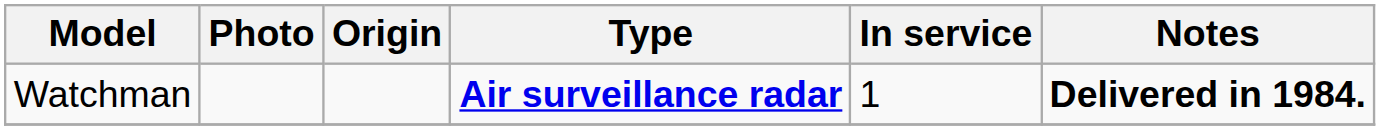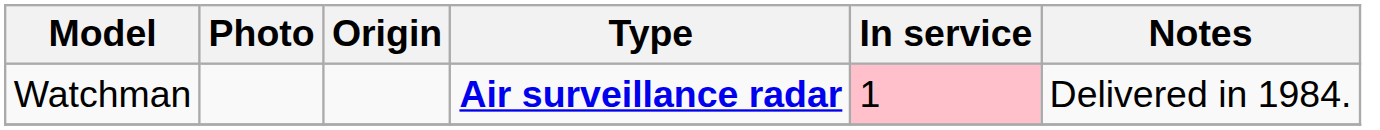 <table class="wikitable">
 <tr>
 <th>Model</th>
 <th>Photo</th>
 <th>Origin</th>
 <th>Type</th>
 <th>In service</th>
 <th>Notes</th>
 </tr>
 <tr>
 <td>Watchman</td>
 <td></td>
 <td></td>
 <td><strong><a href='#'>Air surveillance radar</a></strong></td>
-<td>1</td>
-<td><strong>Delivered in 1984.</strong></td>
+<td style="background: pink;">1</td>
+<td>Delivered in 1984.</td>
 </tr>
 <tr>
 </tr>
 </table>
